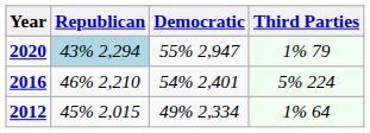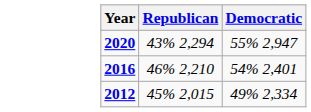 <table class="wikitable" style="float:right; font-size:95%;">
 <tr bgcolor=lightgrey>
 <th>Year</th>
 <th><a href='#'>Republican</a></th>
 <th><a href='#'>Democratic</a></th>
-<th><a href='#'>Third Parties</a></th>
 </tr>
 <tr>
 <td style="text-align:center; "><strong><a href='#'>2020</a></strong></td>
-<td style="background: lightblue; text-align:center; "><em>43%</em> <em>2,294</em></td>
+<td style="text-align:center; "><em>43%</em> <em>2,294</em></td>
 <td style="text-align:center; "><em>55%</em> <em>2,947</em></td>
-<td style="text-align:center; background:honeyDew;"><em>1%</em> <em>79</em></td>
 </tr>
 <tr>
 <td style="text-align:center; "><strong><a href='#'>2016</a></strong></td>
 <td style="text-align:center; "><em>46%</em> <em>2,210</em></td>
 <td style="text-align:center; "><em>54%</em> <em>2,401</em></td>
-<td style="text-align:center; background:honeyDew;"><em>5%</em> <em>224</em></td>
 </tr>
 <tr>
 <td style="text-align:center; "><strong><a href='#'>2012</a></strong></td>
 <td style="text-align:center; "><em>45%</em> <em>2,015</em></td>
 <td style="text-align:center; "><em>49%</em> <em>2,334</em></td>
-<td style="text-align:center; background:honeyDew;"><em>1%</em> <em>64</em></td>
 </tr>
 </table>
